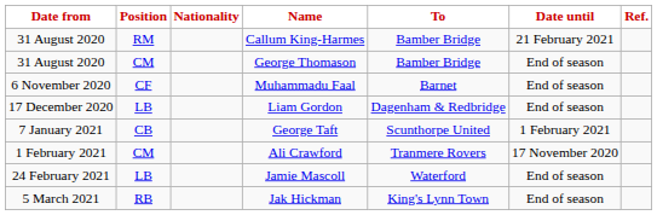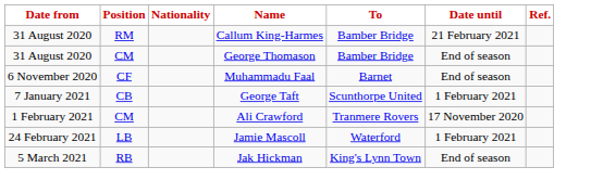 <table class="wikitable"  style="text-align:center; font-size:90%; ">
 <tr>
 <th style="background:#ffffff;color:#cc0000;">Date from</th>
 <th style="background:#ffffff;color:#cc0000;">Position</th>
 <th style="background:#ffffff;color:#cc0000;">Nationality</th>
 <th style="background:#ffffff;color:#cc0000;">Name</th>
 <th style="background:#ffffff;color:#cc0000;">To</th>
 <th style="background:#ffffff;color:#cc0000;">Date until</th>
 <th style="background:#ffffff;color:#cc0000;">Ref.</th>
 </tr>
 <tr>
 <td>31 August 2020</td>
 <td><a href='#'>RM</a></td>
 <td></td>
 <td><a href='#'>Callum King-Harmes</a></td>
 <td> <a href='#'>Bamber Bridge</a></td>
 <td>21 February 2021</td>
 <td></td>
 </tr>
 <tr>
 <td>31 August 2020</td>
 <td><a href='#'>CM</a></td>
 <td></td>
 <td><a href='#'>George Thomason</a></td>
 <td> <a href='#'>Bamber Bridge</a></td>
 <td>End of season</td>
 <td></td>
 </tr>
 <tr>
 <td>6 November 2020</td>
 <td><a href='#'>CF</a></td>
 <td></td>
 <td><a href='#'>Muhammadu Faal</a></td>
 <td> <a href='#'>Barnet</a></td>
 <td>End of season</td>
 <td></td>
 </tr>
 <tr>
-<td>17 December 2020</td>
-<td><a href='#'>LB</a></td>
-<td></td>
-<td><a href='#'>Liam Gordon</a></td>
-<td> <a href='#'>Dagenham & Redbridge</a></td>
-<td>End of season</td>
-<td></td>
-</tr>
-<tr>
 <td>7 January 2021</td>
 <td><a href='#'>CB</a></td>
 <td></td>
 <td><a href='#'>George Taft</a></td>
 <td> <a href='#'>Scunthorpe United</a></td>
 <td>1 February 2021</td>
 <td></td>
 </tr>
 <tr>
 <td>1 February 2021</td>
 <td><a href='#'>CM</a></td>
 <td></td>
 <td><a href='#'>Ali Crawford</a></td>
 <td> <a href='#'>Tranmere Rovers</a></td>
 <td>17 November 2020</td>
 <td></td>
 </tr>
 <tr>
 <td>24 February 2021</td>
 <td><a href='#'>LB</a></td>
 <td></td>
 <td><a href='#'>Jamie Mascoll</a></td>
 <td> <a href='#'>Waterford</a></td>
-<td>End of season</td>
+<td>1 February 2021</td>
 <td></td>
 </tr>
 <tr>
 <td>5 March 2021</td>
 <td><a href='#'>RB</a></td>
 <td></td>
 <td><a href='#'>Jak Hickman</a></td>
 <td> <a href='#'>King's Lynn Town</a></td>
 <td>End of season</td>
 <td></td>
 </tr>
 </table>
